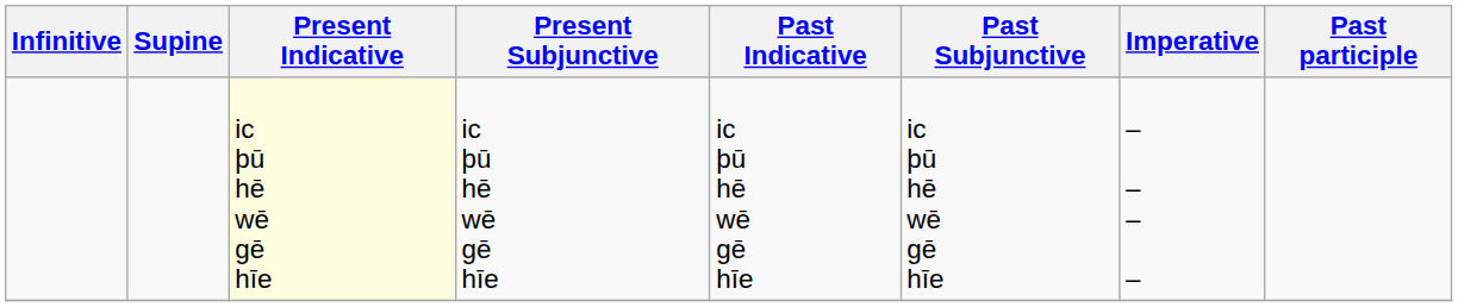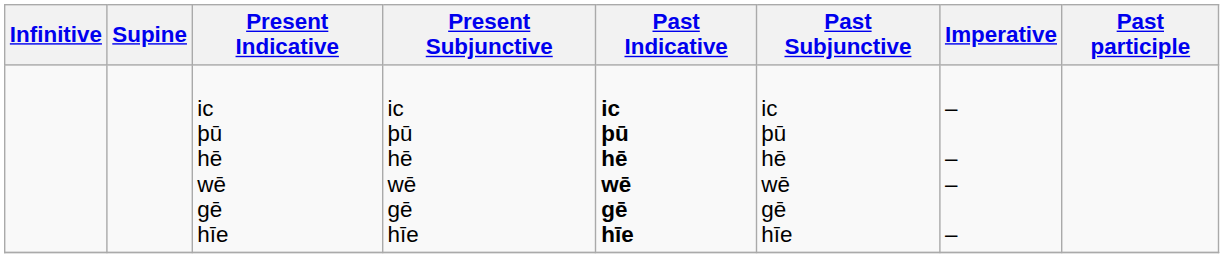 <table class="wikitable">
 <tr>
 <th><a href='#'>Infinitive</a></th>
 <th><a href='#'>Supine</a></th>
 <th><a href='#'>Present Indicative</a></th>
 <th><a href='#'>Present Subjunctive</a></th>
 <th><a href='#'>Past Indicative</a></th>
 <th><a href='#'>Past Subjunctive</a></th>
 <th><a href='#'>Imperative</a></th>
 <th><a href='#'>Past participle</a></th>
 </tr>
 <tr>
 <td></td>
 <td></td>
-<td style="background: lightyellow;"><br>ic  <br>þū  <br>hē  <br>wē  <br>gē  <br>hīe </td>
 <td><br>ic  <br>þū  <br>hē  <br>wē  <br>gē  <br>hīe </td>
 <td><br>ic  <br>þū  <br>hē  <br>wē  <br>gē  <br>hīe </td>
+<td><strong><br>ic  <br>þū  <br>hē  <br>wē  <br>gē  <br>hīe </strong></td>
 <td><br>ic  <br>þū  <br>hē  <br>wē  <br>gē  <br>hīe </td>
 <td><br>– <br> <br> – <br> – <br>  <br> –</td>
 <td></td>
 </tr>
 <tr>
 </tr>
 </table>
